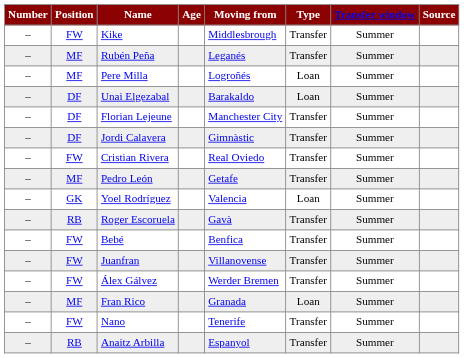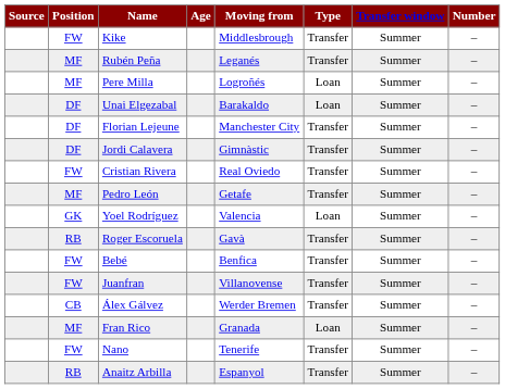 <table cellpadding="4" cellspacing="0" border="1" style="text-align: center; font-size: 85%; border: gray solid 1px; border-collapse: collapse;">
 <tr style="background:#8B0000; color:white;">
-<th>Number</th>
+<th>Source</th>
 <th>Position</th>
 <th>Name</th>
 <th>Age</th>
 <th>Moving from</th>
 <th>Type</th>
 <th><a href='#'>Transfer window</a></th>
-<th>Source</th>
+<th>Number</th>
 </tr>
 <tr>
-<td>–</td>
+<td></td>
 <td><a href='#'>FW</a></td>
 <td align="left"> <a href='#'>Kike</a></td>
 <td></td>
 <td align="left"> <a href='#'>Middlesbrough</a></td>
 <td>Transfer</td>
 <td>Summer</td>
-<td></td>
+<td>–</td>
 </tr>
 <tr bgcolor="#EFEFEF">
-<td>–</td>
+<td></td>
 <td><a href='#'>MF</a></td>
 <td align="left"> <a href='#'>Rubén Peña</a></td>
 <td></td>
 <td align="left"><a href='#'>Leganés</a></td>
 <td>Transfer</td>
 <td>Summer</td>
-<td></td>
+<td>–</td>
 </tr>
 <tr>
-<td>–</td>
+<td></td>
 <td><a href='#'>MF</a></td>
 <td align="left"> <a href='#'>Pere Milla</a></td>
 <td></td>
 <td align="left"><a href='#'>Logroñés</a></td>
 <td>Loan</td>
 <td>Summer</td>
-<td></td>
+<td>–</td>
 </tr>
 <tr bgcolor="#EFEFEF">
-<td>–</td>
+<td></td>
 <td><a href='#'>DF</a></td>
 <td align="left"> <a href='#'>Unai Elgezabal</a></td>
 <td></td>
 <td align="left"><a href='#'>Barakaldo</a></td>
 <td>Loan</td>
 <td>Summer</td>
-<td></td>
+<td>–</td>
 </tr>
 <tr>
-<td>–</td>
+<td></td>
 <td><a href='#'>DF</a></td>
 <td align="left"> <a href='#'>Florian Lejeune</a></td>
 <td></td>
 <td align="left"> <a href='#'>Manchester City</a></td>
 <td>Transfer</td>
 <td>Summer</td>
-<td></td>
+<td>–</td>
 </tr>
 <tr bgcolor="#EFEFEF">
-<td>–</td>
+<td></td>
 <td><a href='#'>DF</a></td>
 <td align="left"> <a href='#'>Jordi Calavera</a></td>
 <td></td>
 <td align="left"><a href='#'>Gimnàstic</a></td>
 <td>Transfer</td>
 <td>Summer</td>
-<td></td>
+<td>–</td>
 </tr>
 <tr>
-<td>–</td>
+<td></td>
 <td><a href='#'>FW</a></td>
 <td align="left"> <a href='#'>Cristian Rivera</a></td>
 <td></td>
 <td align="left"><a href='#'>Real Oviedo</a></td>
 <td>Transfer</td>
 <td>Summer</td>
-<td></td>
+<td>–</td>
 </tr>
 <tr bgcolor="#EFEFEF">
-<td>–</td>
+<td></td>
 <td><a href='#'>MF</a></td>
 <td align="left"> <a href='#'>Pedro León</a></td>
 <td></td>
 <td align="left"><a href='#'>Getafe</a></td>
 <td>Transfer</td>
 <td>Summer</td>
-<td></td>
+<td>–</td>
 </tr>
 <tr>
-<td>–</td>
+<td></td>
 <td><a href='#'>GK</a></td>
 <td align="left"> <a href='#'>Yoel Rodríguez</a></td>
 <td></td>
 <td align="left"><a href='#'>Valencia</a></td>
 <td>Loan</td>
 <td>Summer</td>
-<td></td>
+<td>–</td>
 </tr>
 <tr bgcolor="#EFEFEF">
-<td>–</td>
+<td></td>
 <td><a href='#'>RB</a></td>
 <td align="left"> <a href='#'>Roger Escoruela</a></td>
 <td></td>
 <td align="left"><a href='#'>Gavà</a></td>
 <td>Transfer</td>
 <td>Summer</td>
-<td></td>
+<td>–</td>
 </tr>
 <tr>
-<td>–</td>
+<td></td>
 <td><a href='#'>FW</a></td>
 <td align="left"> <a href='#'>Bebé</a></td>
 <td></td>
 <td align="left"> <a href='#'>Benfica</a></td>
 <td>Transfer</td>
 <td>Summer</td>
-<td></td>
+<td>–</td>
 </tr>
 <tr bgcolor="#EFEFEF">
-<td>–</td>
+<td></td>
 <td><a href='#'>FW</a></td>
 <td align="left"> <a href='#'>Juanfran</a></td>
 <td></td>
 <td align="left"><a href='#'>Villanovense</a></td>
 <td>Transfer</td>
 <td>Summer</td>
-<td></td>
+<td>–</td>
 </tr>
 <tr>
-<td>–</td>
-<td><a href='#'>FW</a></td>
+<td></td>
+<td><a href='#'>CB</a></td>
 <td align="left"> <a href='#'>Álex Gálvez</a></td>
 <td></td>
 <td align="left"> <a href='#'>Werder Bremen</a></td>
 <td>Transfer</td>
 <td>Summer</td>
-<td></td>
+<td>–</td>
 </tr>
 <tr bgcolor="#EFEFEF">
-<td>–</td>
+<td></td>
 <td><a href='#'>MF</a></td>
 <td align="left"> <a href='#'>Fran Rico</a></td>
 <td></td>
 <td align="left"><a href='#'>Granada</a></td>
 <td>Loan</td>
 <td>Summer</td>
-<td></td>
+<td>–</td>
 </tr>
 <tr>
-<td>–</td>
+<td></td>
 <td><a href='#'>FW</a></td>
 <td align="left"> <a href='#'>Nano</a></td>
 <td></td>
 <td align="left"><a href='#'>Tenerife</a></td>
 <td>Transfer</td>
 <td>Summer</td>
-<td></td>
+<td>–</td>
 </tr>
 <tr bgcolor="#EFEFEF">
-<td>–</td>
+<td></td>
 <td><a href='#'>RB</a></td>
 <td align="left"> <a href='#'>Anaitz Arbilla</a></td>
 <td></td>
 <td align="left"><a href='#'>Espanyol</a></td>
 <td>Transfer</td>
 <td>Summer</td>
-<td></td>
+<td>–</td>
 </tr>
 </table>
